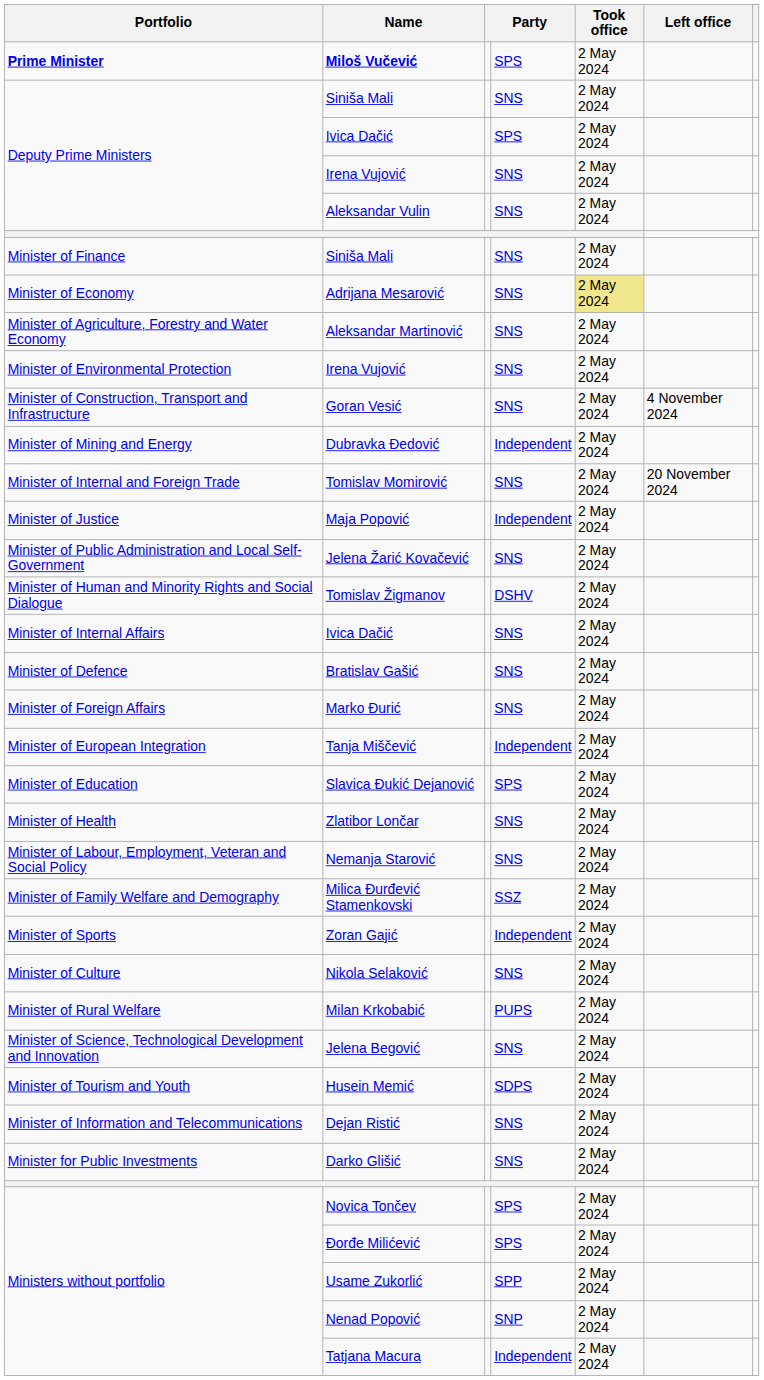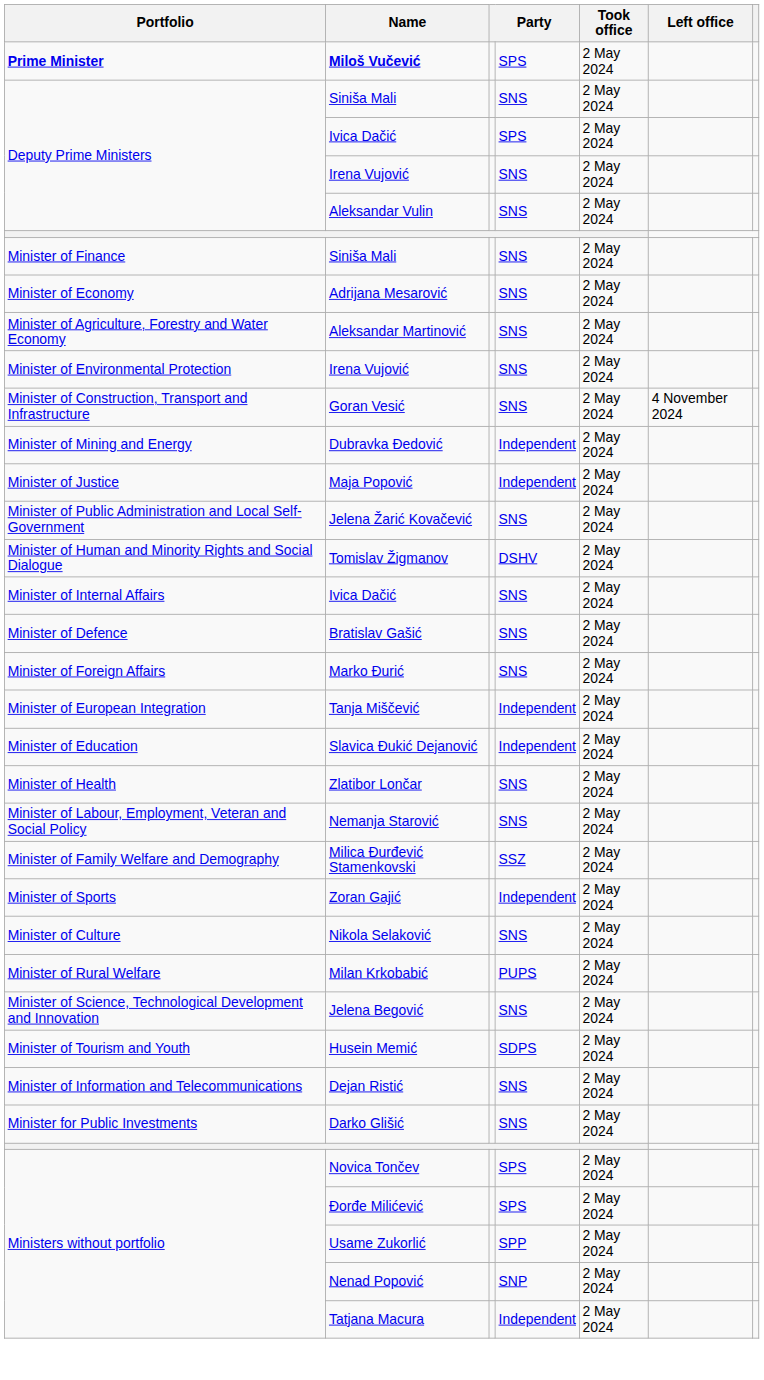 <table class="wikitable">
 <tr>
 <th>Portfolio</th>
 <th>Name</th>
 <th colspan="2">Party</th>
 <th>Took office</th>
 <th>Left office</th>
 <th></th>
 </tr>
 <tr>
 <td><strong><a href='#'>Prime Minister</a></strong></td>
 <td><strong><a href='#'>Miloš Vučević</a></strong></td>
 <td style="background-color:"></td>
 <td><a href='#'>SPS</a></td>
 <td>2 May 2024</td>
 <td></td>
 <td></td>
 </tr>
 <tr>
 <td rowspan="4"><a href='#'>Deputy Prime Ministers</a></td>
 <td><a href='#'>Siniša Mali</a></td>
 <td style="background-color:"></td>
 <td><a href='#'>SNS</a></td>
 <td>2 May 2024</td>
 <td></td>
 <td></td>
 </tr>
 <tr>
 <td><a href='#'>Ivica Dačić</a></td>
 <td style="background-color:"></td>
 <td><a href='#'>SPS</a></td>
 <td>2 May 2024</td>
 <td></td>
 <td></td>
 </tr>
 <tr>
 <td><a href='#'>Irena Vujović</a></td>
 <td style="background-color:"></td>
 <td><a href='#'>SNS</a></td>
 <td>2 May 2024</td>
 <td></td>
 <td></td>
 </tr>
 <tr>
 <td><a href='#'>Aleksandar Vulin</a></td>
 <td style="background-color:"></td>
 <td><a href='#'>SNS</a></td>
 <td>2 May 2024</td>
 <td></td>
 <td></td>
 </tr>
 <tr>
 <th colspan="5"></th>
 </tr>
 <tr>
 <td><a href='#'>Minister of Finance</a></td>
 <td><a href='#'>Siniša Mali</a></td>
 <td style="background-color:"></td>
 <td><a href='#'>SNS</a></td>
 <td>2 May 2024</td>
 <td></td>
 <td></td>
 </tr>
 <tr>
 <td><a href='#'>Minister of Economy</a></td>
 <td><a href='#'>Adrijana Mesarović</a></td>
 <td style="background-color:"></td>
 <td><a href='#'>SNS</a></td>
-<td style="background: khaki;">2 May 2024</td>
+<td>2 May 2024</td>
 <td></td>
 <td></td>
 </tr>
 <tr>
 <td><a href='#'>Minister of Agriculture, Forestry and Water Economy</a></td>
 <td><a href='#'>Aleksandar Martinović</a></td>
 <td style="background-color:"></td>
 <td><a href='#'>SNS</a></td>
 <td>2 May 2024</td>
 <td></td>
 <td></td>
 </tr>
 <tr>
 <td><a href='#'>Minister of Environmental Protection</a></td>
 <td><a href='#'>Irena Vujović</a></td>
 <td style="background-color:"></td>
 <td><a href='#'>SNS</a></td>
 <td>2 May 2024</td>
 <td></td>
 <td></td>
 </tr>
 <tr>
 <td><a href='#'>Minister of Construction, Transport and Infrastructure</a></td>
 <td><a href='#'>Goran Vesić</a></td>
 <td style="background-color:"></td>
 <td><a href='#'>SNS</a></td>
 <td>2 May 2024</td>
 <td>4 November 2024</td>
 <td></td>
 </tr>
 <tr>
 <td><a href='#'>Minister of Mining and Energy</a></td>
 <td><a href='#'>Dubravka Đedović</a></td>
 <td style="background-color:"></td>
 <td><a href='#'>Independent</a></td>
 <td>2 May 2024</td>
 <td></td>
-<td></td>
-</tr>
-<tr>
-<td><a href='#'>Minister of Internal and Foreign Trade</a></td>
-<td><a href='#'>Tomislav Momirović</a></td>
-<td style="background-color:"></td>
-<td><a href='#'>SNS</a></td>
-<td>2 May 2024</td>
-<td>20 November 2024</td>
 <td></td>
 </tr>
 <tr>
 <td><a href='#'>Minister of Justice</a></td>
 <td><a href='#'>Maja Popović</a></td>
 <td style="background-color:"></td>
 <td><a href='#'>Independent</a></td>
 <td>2 May 2024</td>
 <td></td>
 <td></td>
 </tr>
 <tr>
 <td><a href='#'>Minister of Public Administration and Local Self-Government</a></td>
 <td><a href='#'>Jelena Žarić Kovačević</a></td>
 <td style="background-color:"></td>
 <td><a href='#'>SNS</a></td>
 <td>2 May 2024</td>
 <td></td>
 <td></td>
 </tr>
 <tr>
 <td><a href='#'>Minister of Human and Minority Rights and Social Dialogue</a></td>
 <td><a href='#'>Tomislav Žigmanov</a></td>
 <td style="background-color:"></td>
 <td><a href='#'>DSHV</a></td>
 <td>2 May 2024</td>
 <td></td>
 <td></td>
 </tr>
 <tr>
 <td><a href='#'>Minister of Internal Affairs</a></td>
 <td><a href='#'>Ivica Dačić</a></td>
 <td style="background-color:"></td>
 <td><a href='#'>SNS</a></td>
 <td>2 May 2024</td>
 <td></td>
 <td></td>
 </tr>
 <tr>
 <td><a href='#'>Minister of Defence</a></td>
 <td><a href='#'>Bratislav Gašić</a></td>
 <td style="background-color:"></td>
 <td><a href='#'>SNS</a></td>
 <td>2 May 2024</td>
 <td></td>
 <td></td>
 </tr>
 <tr>
 <td><a href='#'>Minister of Foreign Affairs</a></td>
 <td><a href='#'>Marko Đurić</a></td>
 <td style="background-color:"></td>
 <td><a href='#'>SNS</a></td>
 <td>2 May 2024</td>
 <td></td>
 <td></td>
 </tr>
 <tr>
 <td><a href='#'>Minister of European Integration</a></td>
 <td><a href='#'>Tanja Miščević</a></td>
 <td style="background-color:"></td>
 <td><a href='#'>Independent</a></td>
 <td>2 May 2024</td>
 <td></td>
 <td></td>
 </tr>
 <tr>
 <td><a href='#'>Minister of Education</a></td>
 <td><a href='#'>Slavica Đukić Dejanović</a></td>
 <td style="background-color:"></td>
-<td><a href='#'>SPS</a></td>
+<td><a href='#'>Independent</a></td>
 <td>2 May 2024</td>
 <td></td>
 <td></td>
 </tr>
 <tr>
 <td><a href='#'>Minister of Health</a></td>
 <td><a href='#'>Zlatibor Lončar</a></td>
 <td style="background-color:"></td>
 <td><a href='#'>SNS</a></td>
 <td>2 May 2024</td>
 <td></td>
 <td></td>
 </tr>
 <tr>
 <td><a href='#'>Minister of Labour, Employment, Veteran and Social Policy</a></td>
 <td><a href='#'>Nemanja Starović</a></td>
 <td style="background-color:"></td>
 <td><a href='#'>SNS</a></td>
 <td>2 May 2024</td>
 <td></td>
 <td></td>
 </tr>
 <tr>
 <td><a href='#'>Minister of Family Welfare and Demography</a></td>
 <td><a href='#'>Milica Đurđević Stamenkovski</a></td>
 <td style="background-color:"></td>
 <td><a href='#'>SSZ</a></td>
 <td>2 May 2024</td>
 <td></td>
 <td></td>
 </tr>
 <tr>
 <td><a href='#'>Minister of Sports</a></td>
 <td><a href='#'>Zoran Gajić</a></td>
 <td style="background-color:"></td>
 <td><a href='#'>Independent</a></td>
 <td>2 May 2024</td>
 <td></td>
 <td></td>
 </tr>
 <tr>
 <td><a href='#'>Minister of Culture</a></td>
 <td><a href='#'>Nikola Selaković</a></td>
 <td style="background-color:"></td>
 <td><a href='#'>SNS</a></td>
 <td>2 May 2024</td>
 <td></td>
 <td></td>
 </tr>
 <tr>
 <td><a href='#'>Minister of Rural Welfare</a></td>
 <td><a href='#'>Milan Krkobabić</a></td>
 <td style="background-color:"></td>
 <td><a href='#'>PUPS</a></td>
 <td>2 May 2024</td>
 <td></td>
 <td></td>
 </tr>
 <tr>
 <td><a href='#'>Minister of Science, Technological Development and Innovation</a></td>
 <td><a href='#'>Jelena Begović</a></td>
 <td style="background-color:"></td>
 <td><a href='#'>SNS</a></td>
 <td>2 May 2024</td>
 <td></td>
 <td></td>
 </tr>
 <tr>
 <td><a href='#'>Minister of Tourism and Youth</a></td>
 <td><a href='#'>Husein Memić</a></td>
 <td style="background-color:"></td>
 <td><a href='#'>SDPS</a></td>
 <td>2 May 2024</td>
 <td></td>
 <td></td>
 </tr>
 <tr>
 <td><a href='#'>Minister of Information and Telecommunications</a></td>
 <td><a href='#'>Dejan Ristić</a></td>
 <td style="background-color:"></td>
 <td><a href='#'>SNS</a></td>
 <td>2 May 2024</td>
 <td></td>
 <td></td>
 </tr>
 <tr>
 <td><a href='#'>Minister for Public Investments</a></td>
 <td><a href='#'>Darko Glišić</a></td>
 <td style="background-color:"></td>
 <td><a href='#'>SNS</a></td>
 <td>2 May 2024</td>
 <td></td>
 <td></td>
 </tr>
 <tr>
 <th colspan="5"></th>
 </tr>
 <tr>
 <td rowspan="5"><a href='#'>Ministers without portfolio</a></td>
 <td><a href='#'>Novica Tončev</a></td>
 <td style="background-color:"></td>
 <td><a href='#'>SPS</a></td>
 <td>2 May 2024</td>
 <td></td>
 <td></td>
 </tr>
 <tr>
 <td><a href='#'>Đorđe Milićević</a></td>
 <td style="background-color:"></td>
 <td><a href='#'>SPS</a></td>
 <td>2 May 2024</td>
 <td></td>
 <td></td>
 </tr>
 <tr>
 <td><a href='#'>Usame Zukorlić</a></td>
 <td style="background-color:"></td>
 <td><a href='#'>SPP</a></td>
 <td>2 May 2024</td>
 <td></td>
 <td></td>
 </tr>
 <tr>
 <td><a href='#'>Nenad Popović</a></td>
 <td style="background-color:"></td>
 <td><a href='#'>SNP</a></td>
 <td>2 May 2024</td>
 <td></td>
 <td></td>
 </tr>
 <tr>
 <td><a href='#'>Tatjana Macura</a></td>
 <td style="background-color:"></td>
 <td><a href='#'>Independent</a></td>
 <td>2 May 2024</td>
 <td></td>
 <td></td>
 </tr>
 </table>
